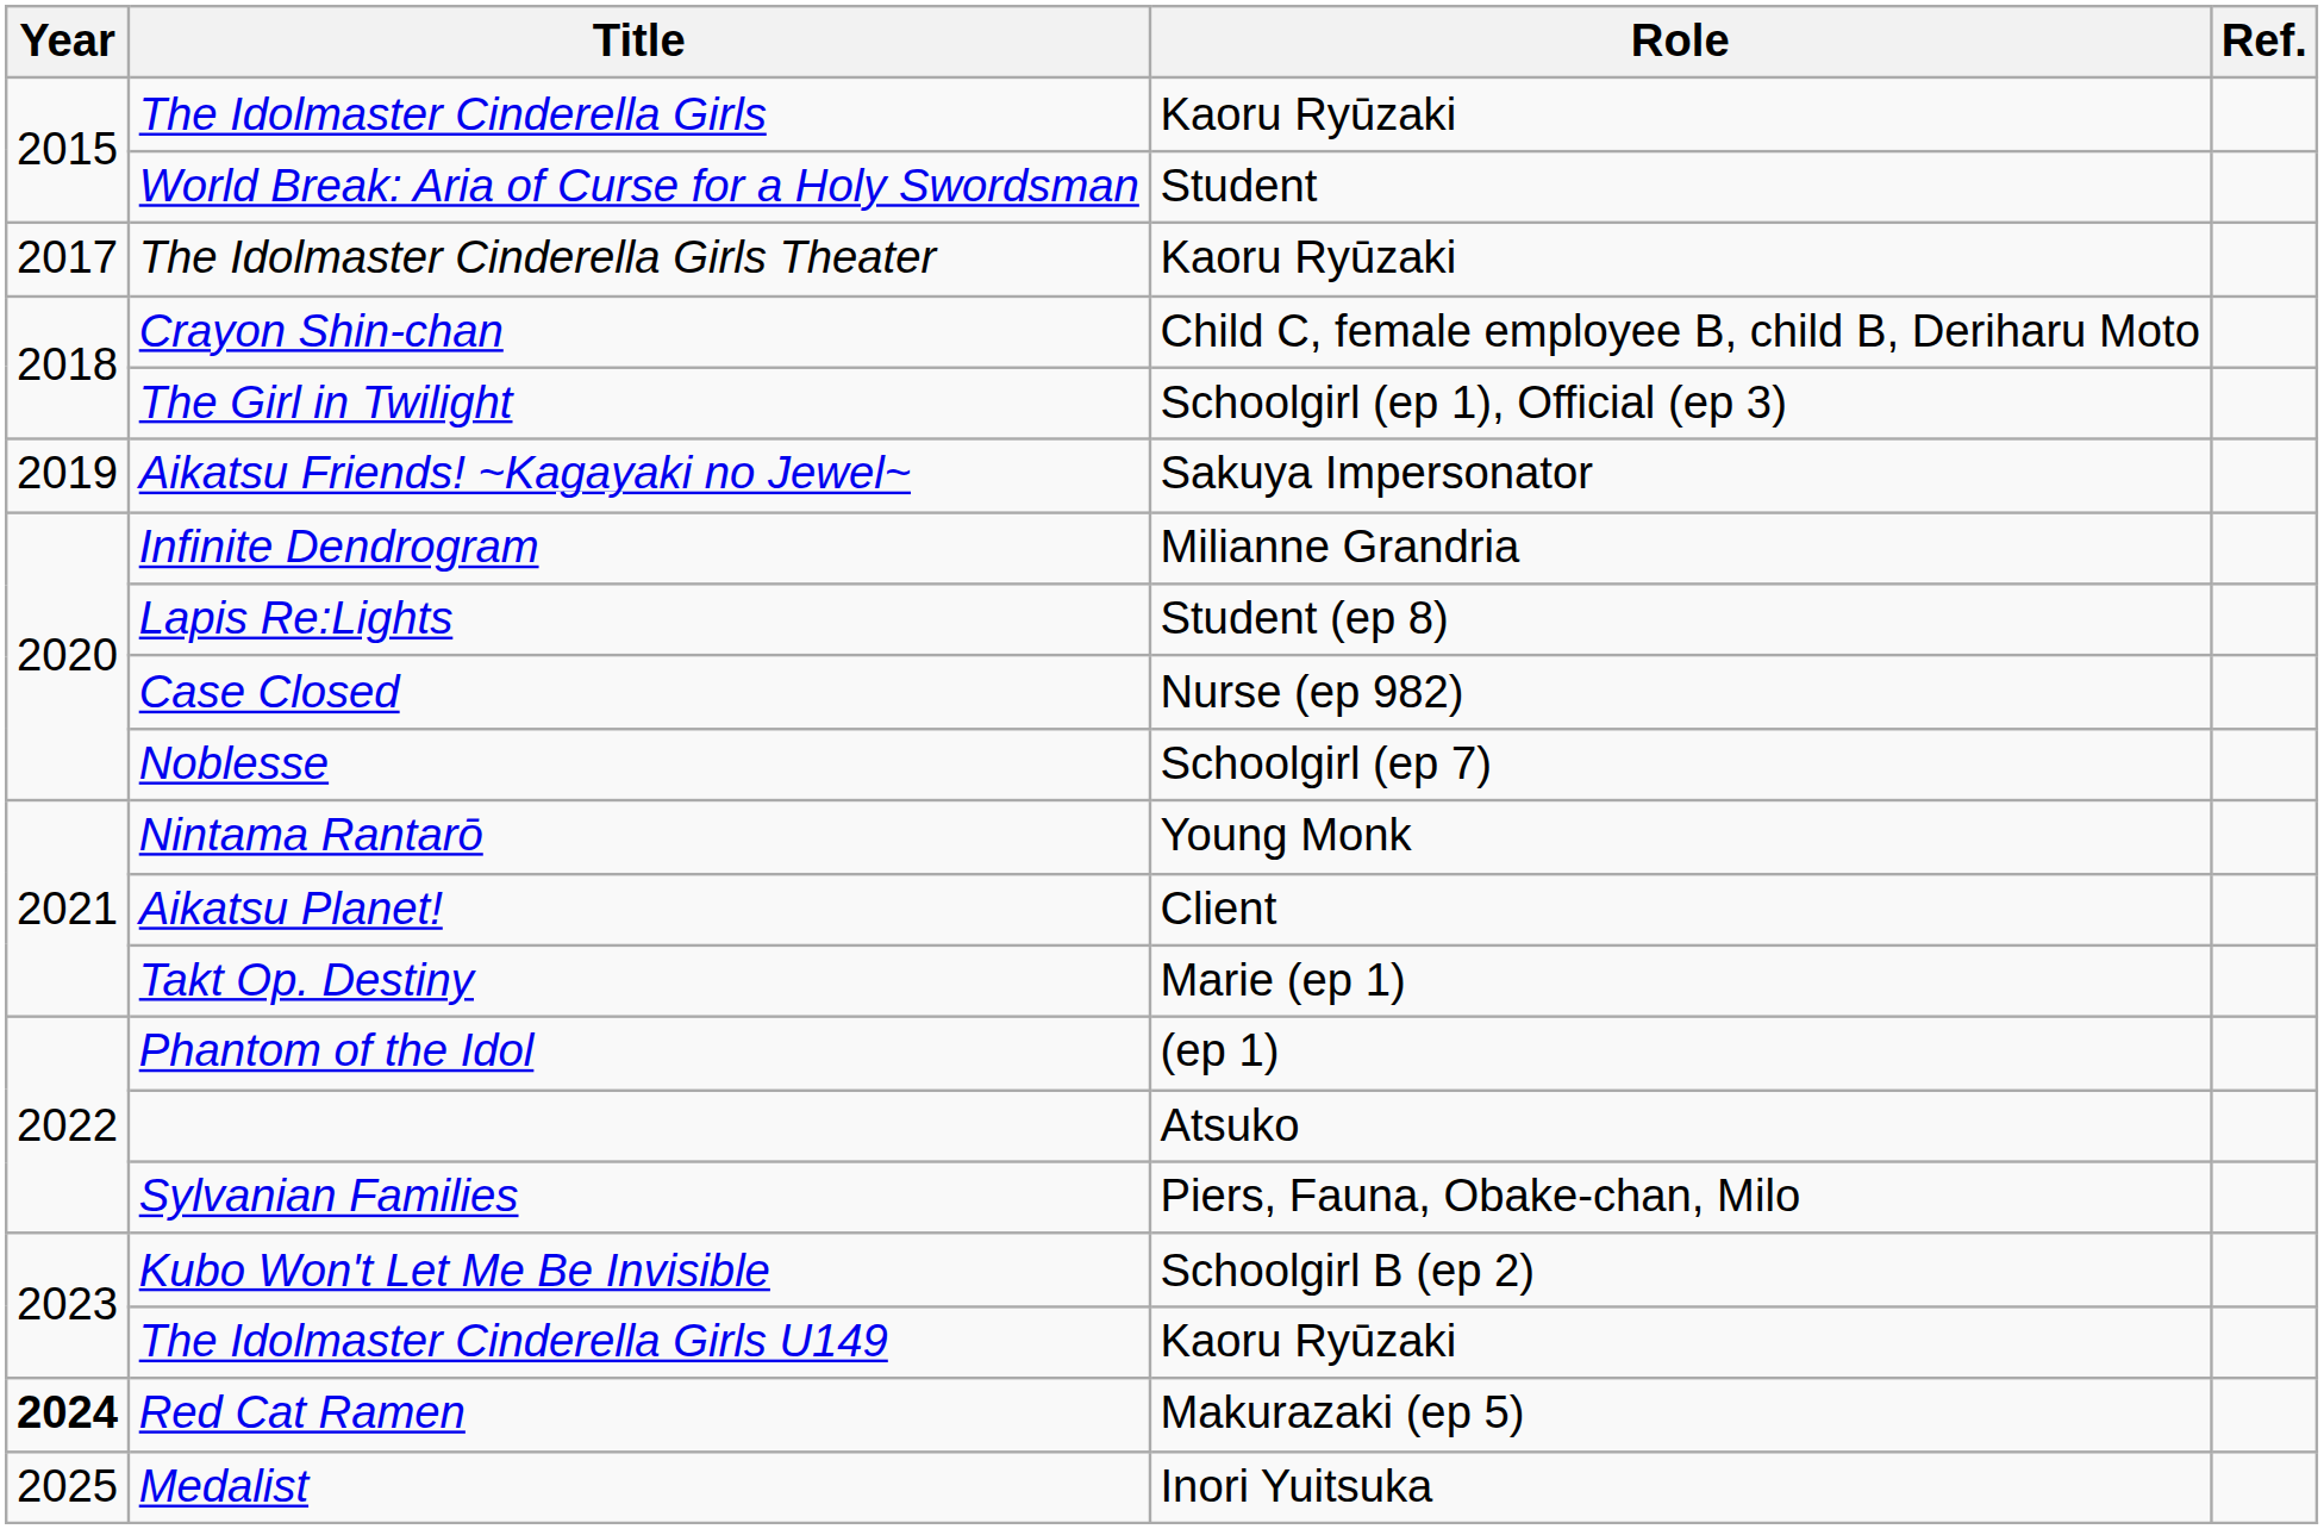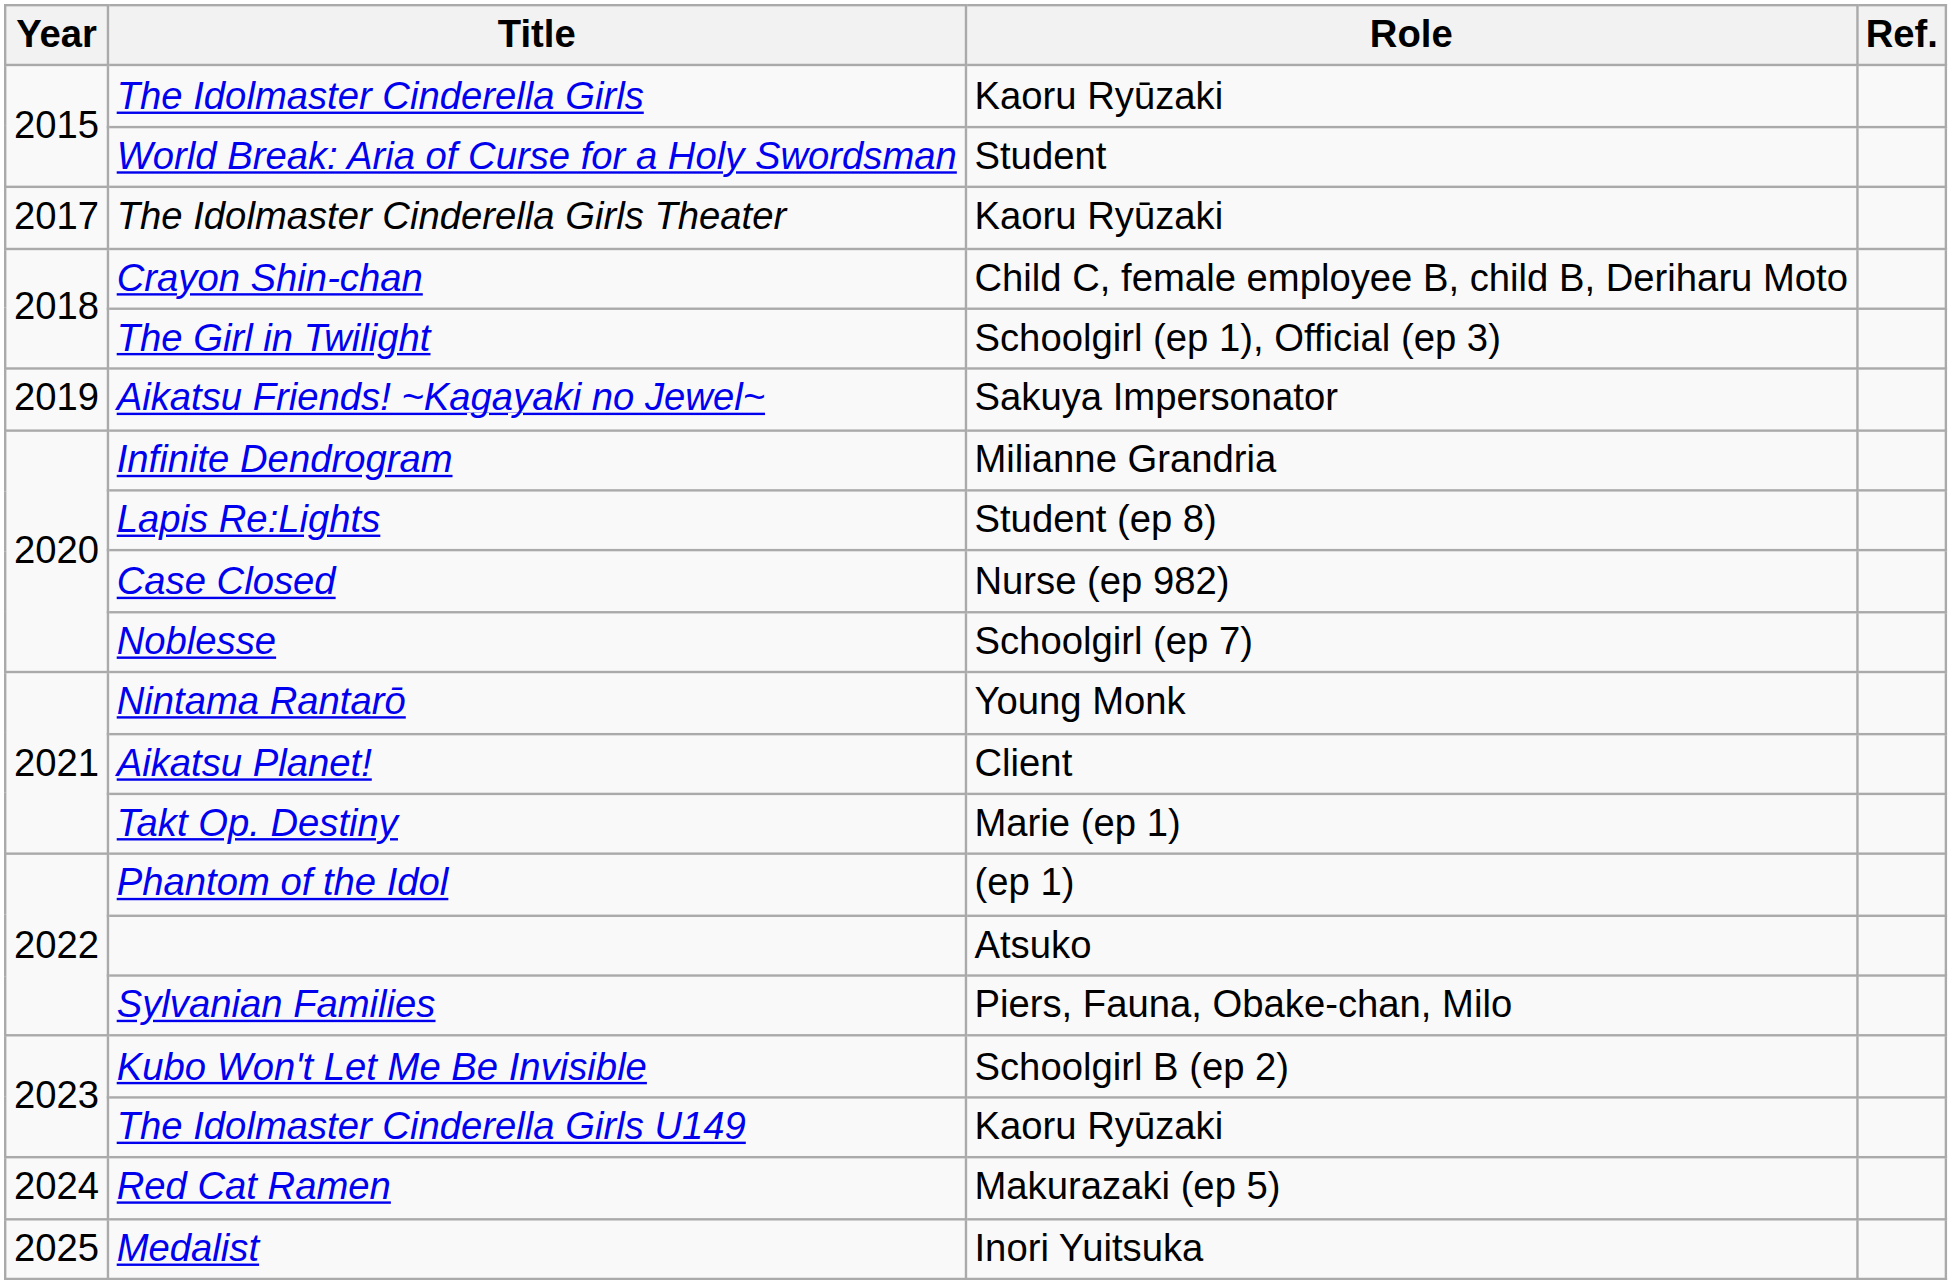 <table class="wikitable">
 <tr>
 <th>Year</th>
 <th>Title</th>
 <th>Role</th>
 <th>Ref.</th>
 </tr>
 <tr>
 <td rowspan="2">2015</td>
 <td><em><a href='#'>The Idolmaster Cinderella Girls</a></em></td>
 <td>Kaoru Ryūzaki</td>
 <td></td>
 </tr>
 <tr>
 <td><em><a href='#'>World Break: Aria of Curse for a Holy Swordsman</a></em></td>
 <td>Student</td>
 <td></td>
 </tr>
 <tr>
 <td>2017</td>
 <td><em>The Idolmaster Cinderella Girls Theater</em></td>
 <td>Kaoru Ryūzaki</td>
 <td></td>
 </tr>
 <tr>
 <td rowspan="2">2018</td>
 <td><em><a href='#'>Crayon Shin-chan</a></em></td>
 <td>Child C, female employee B, child B, Deriharu Moto</td>
 <td></td>
 </tr>
 <tr>
 <td><em><a href='#'>The Girl in Twilight</a></em></td>
 <td>Schoolgirl (ep 1), Official (ep 3)</td>
 <td></td>
 </tr>
 <tr>
 <td>2019</td>
 <td><em><a href='#'>Aikatsu Friends! ~Kagayaki no Jewel~</a></em></td>
 <td>Sakuya Impersonator</td>
 <td></td>
 </tr>
 <tr>
 <td rowspan="4">2020</td>
 <td><em><a href='#'>Infinite Dendrogram</a></em></td>
 <td>Milianne Grandria</td>
 <td></td>
 </tr>
 <tr>
 <td><em><a href='#'>Lapis Re:Lights</a></em></td>
 <td>Student (ep 8)</td>
 <td></td>
 </tr>
 <tr>
 <td><em><a href='#'>Case Closed</a></em></td>
 <td>Nurse (ep 982)</td>
 <td></td>
 </tr>
 <tr>
 <td><em><a href='#'>Noblesse</a></em></td>
 <td>Schoolgirl (ep 7)</td>
 <td></td>
 </tr>
 <tr>
 <td rowspan="3">2021</td>
 <td><em><a href='#'>Nintama Rantarō</a></em></td>
 <td>Young Monk</td>
 <td></td>
 </tr>
 <tr>
 <td><em><a href='#'>Aikatsu Planet!</a></em></td>
 <td>Client</td>
 <td></td>
 </tr>
 <tr>
 <td><em><a href='#'>Takt Op. Destiny</a></em></td>
 <td>Marie (ep 1)</td>
 <td></td>
 </tr>
 <tr>
 <td rowspan="3">2022</td>
 <td><em><a href='#'>Phantom of the Idol</a></em></td>
 <td>(ep 1)</td>
 <td></td>
 </tr>
 <tr>
 <td><em></em></td>
 <td>Atsuko</td>
 <td></td>
 </tr>
 <tr>
 <td><em><a href='#'>Sylvanian Families</a></em></td>
 <td>Piers, Fauna, Obake-chan, Milo</td>
 <td></td>
 </tr>
 <tr>
 <td rowspan="2">2023</td>
 <td><em><a href='#'>Kubo Won't Let Me Be Invisible</a></em></td>
 <td>Schoolgirl B (ep 2)</td>
 <td></td>
 </tr>
 <tr>
 <td><em><a href='#'>The Idolmaster Cinderella Girls U149</a></em></td>
 <td>Kaoru Ryūzaki</td>
 <td></td>
 </tr>
 <tr>
-<td><strong>2024</strong></td>
+<td>2024</td>
 <td><em><a href='#'>Red Cat Ramen</a></em></td>
 <td>Makurazaki (ep 5)</td>
 <td></td>
 </tr>
 <tr>
 <td>2025</td>
 <td><em><a href='#'>Medalist</a></em></td>
 <td>Inori Yuitsuka</td>
 <td></td>
 </tr>
 <tr>
 </tr>
 </table>
